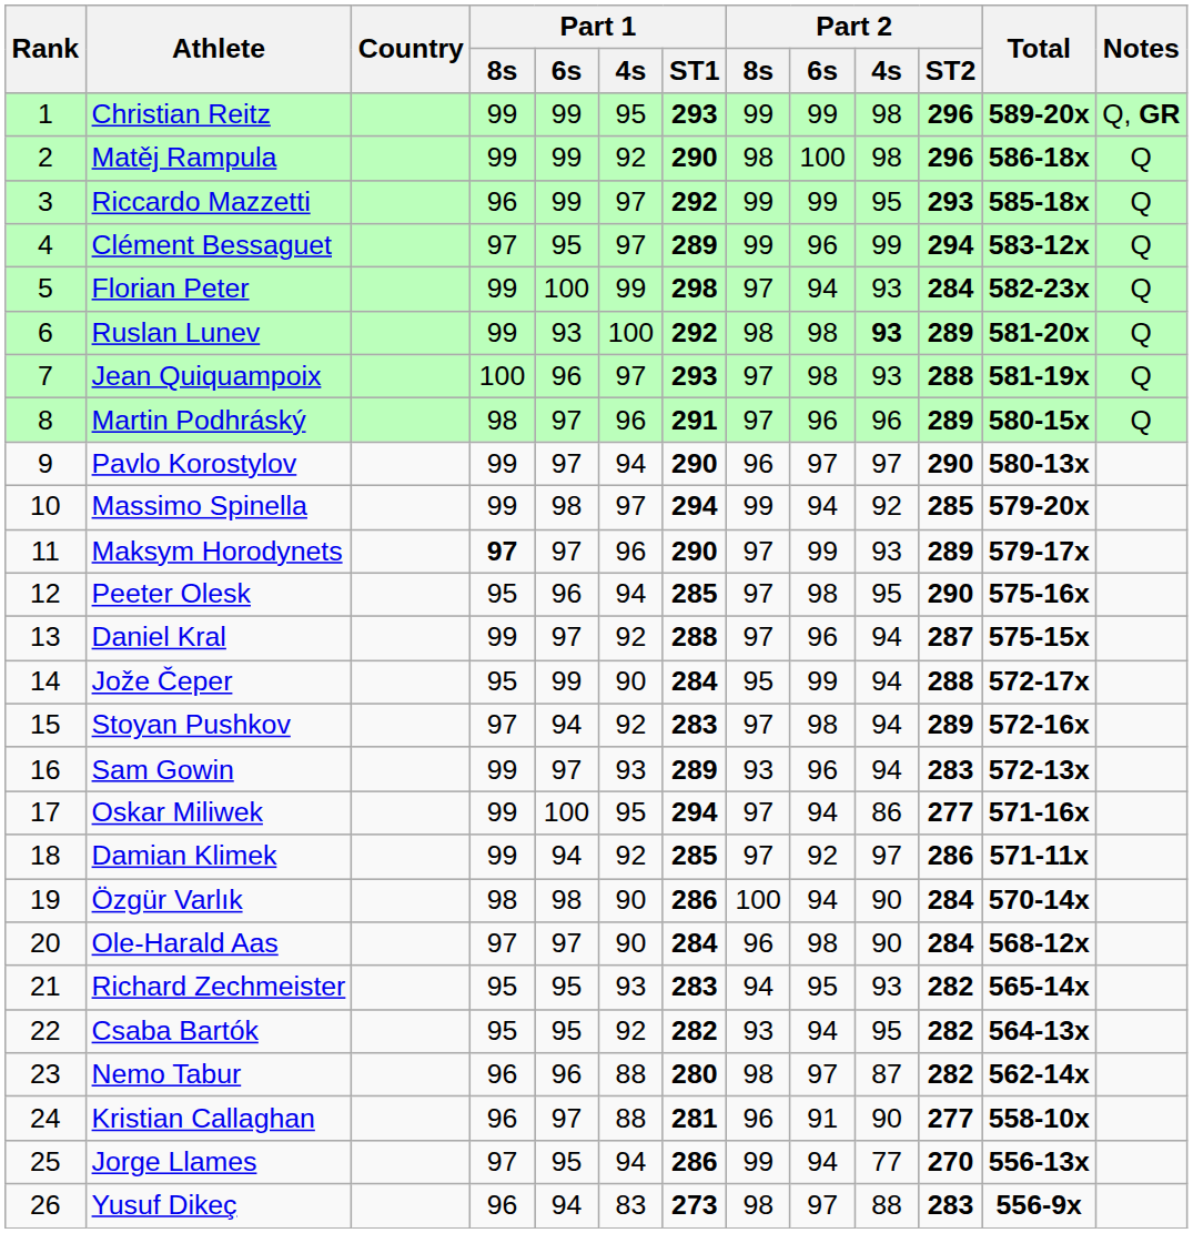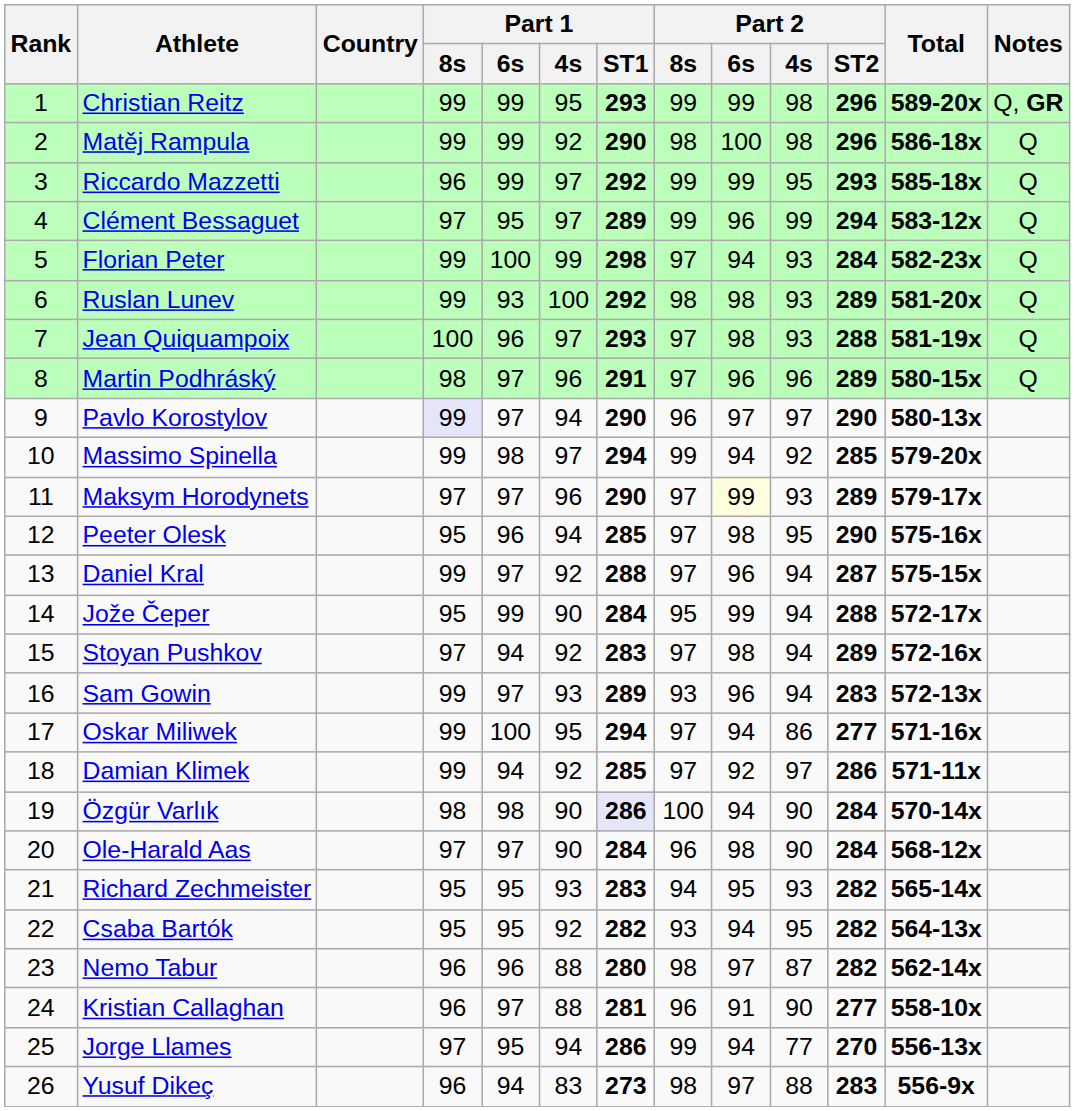 <table class="wikitable sortable" style="text-align:center">
 <tr>
 <th rowspan=2>Rank</th>
 <th rowspan=2>Athlete</th>
 <th rowspan=2>Country</th>
 <th colspan=4>Part 1</th>
 <th colspan=4>Part 2</th>
 <th rowspan=2>Total</th>
 <th rowspan=2 class="unsortable">Notes</th>
 </tr>
 <tr>
 <th class="unsortable" width=30px>8s</th>
 <th class="unsortable" width=30px>6s</th>
 <th class="unsortable" width=30px>4s</th>
 <th>ST1</th>
 <th class="unsortable" width=30px>8s</th>
 <th class="unsortable" width=30px>6s</th>
 <th class="unsortable" width=30px>4s</th>
 <th>ST2</th>
 </tr>
 <tr bgcolor=bbffbb>
 <td>1</td>
 <td align=left><a href='#'>Christian Reitz</a></td>
 <td align=left></td>
 <td>99</td>
 <td>99</td>
 <td>95</td>
 <td><strong>293</strong></td>
 <td>99</td>
 <td>99</td>
 <td>98</td>
 <td><strong>296</strong></td>
 <td><strong>589-20x</strong></td>
 <td>Q, <strong>GR</strong></td>
 </tr>
 <tr bgcolor=bbffbb>
 <td>2</td>
 <td align=left><a href='#'>Matěj Rampula</a></td>
 <td align=left></td>
 <td>99</td>
 <td>99</td>
 <td>92</td>
 <td><strong>290</strong></td>
 <td>98</td>
 <td>100</td>
 <td>98</td>
 <td><strong>296</strong></td>
 <td><strong>586-18x</strong></td>
 <td>Q</td>
 </tr>
 <tr bgcolor=bbffbb>
 <td>3</td>
 <td align=left><a href='#'>Riccardo Mazzetti</a></td>
 <td align=left></td>
 <td>96</td>
 <td>99</td>
 <td>97</td>
 <td><strong>292</strong></td>
 <td>99</td>
 <td>99</td>
 <td>95</td>
 <td><strong>293</strong></td>
 <td><strong>585-18x</strong></td>
 <td>Q</td>
 </tr>
 <tr bgcolor=bbffbb>
 <td>4</td>
 <td align=left><a href='#'>Clément Bessaguet</a></td>
 <td align=left></td>
 <td>97</td>
 <td>95</td>
 <td>97</td>
 <td><strong>289</strong></td>
 <td>99</td>
 <td>96</td>
 <td>99</td>
 <td><strong>294</strong></td>
 <td><strong>583-12x</strong></td>
 <td>Q</td>
 </tr>
 <tr bgcolor=bbffbb>
 <td>5</td>
 <td align=left><a href='#'>Florian Peter</a></td>
 <td align=left></td>
 <td>99</td>
 <td>100</td>
 <td>99</td>
 <td><strong>298</strong></td>
 <td>97</td>
 <td>94</td>
 <td>93</td>
 <td><strong>284</strong></td>
 <td><strong>582-23x</strong></td>
 <td>Q</td>
 </tr>
 <tr bgcolor=bbffbb>
 <td>6</td>
 <td align=left><a href='#'>Ruslan Lunev</a></td>
 <td align=left></td>
 <td>99</td>
 <td>93</td>
 <td>100</td>
 <td><strong>292</strong></td>
 <td>98</td>
 <td>98</td>
-<td><strong>93</strong></td>
+<td>93</td>
 <td><strong>289</strong></td>
 <td><strong>581-20x</strong></td>
 <td>Q</td>
 </tr>
 <tr bgcolor=bbffbb>
 <td>7</td>
 <td align=left><a href='#'>Jean Quiquampoix</a></td>
 <td align=left></td>
 <td>100</td>
 <td>96</td>
 <td>97</td>
 <td><strong>293</strong></td>
 <td>97</td>
 <td>98</td>
 <td>93</td>
 <td><strong>288</strong></td>
 <td><strong>581-19x</strong></td>
 <td>Q</td>
 </tr>
 <tr bgcolor=bbffbb>
 <td>8</td>
 <td align=left><a href='#'>Martin Podhráský</a></td>
 <td align=left></td>
 <td>98</td>
 <td>97</td>
 <td>96</td>
 <td><strong>291</strong></td>
 <td>97</td>
 <td>96</td>
 <td>96</td>
 <td><strong>289</strong></td>
 <td><strong>580-15x</strong></td>
 <td>Q</td>
 </tr>
 <tr>
 <td>9</td>
 <td align=left><a href='#'>Pavlo Korostylov</a></td>
 <td align=left></td>
-<td>99</td>
+<td style="background: lavender;">99</td>
 <td>97</td>
 <td>94</td>
 <td><strong>290</strong></td>
 <td>96</td>
 <td>97</td>
 <td>97</td>
 <td><strong>290</strong></td>
 <td><strong>580-13x</strong></td>
 <td></td>
 </tr>
 <tr>
 <td>10</td>
 <td align=left><a href='#'>Massimo Spinella</a></td>
 <td align=left></td>
 <td>99</td>
 <td>98</td>
 <td>97</td>
 <td><strong>294</strong></td>
 <td>99</td>
 <td>94</td>
 <td>92</td>
 <td><strong>285</strong></td>
 <td><strong>579-20x</strong></td>
 <td></td>
 </tr>
 <tr>
 <td>11</td>
 <td align=left><a href='#'>Maksym Horodynets</a></td>
 <td align=left></td>
-<td><strong>97</strong></td>
+<td>97</td>
 <td>97</td>
 <td>96</td>
 <td><strong>290</strong></td>
 <td>97</td>
-<td>99</td>
+<td style="background: lightyellow;">99</td>
 <td>93</td>
 <td><strong>289</strong></td>
 <td><strong>579-17x</strong></td>
 <td></td>
 </tr>
 <tr>
 <td>12</td>
 <td align=left><a href='#'>Peeter Olesk</a></td>
 <td align=left></td>
 <td>95</td>
 <td>96</td>
 <td>94</td>
 <td><strong>285</strong></td>
 <td>97</td>
 <td>98</td>
 <td>95</td>
 <td><strong>290</strong></td>
 <td><strong>575-16x</strong></td>
 <td></td>
 </tr>
 <tr>
 <td>13</td>
 <td align=left><a href='#'>Daniel Kral</a></td>
 <td align=left></td>
 <td>99</td>
 <td>97</td>
 <td>92</td>
 <td><strong>288</strong></td>
 <td>97</td>
 <td>96</td>
 <td>94</td>
 <td><strong>287</strong></td>
 <td><strong>575-15x</strong></td>
 <td></td>
 </tr>
 <tr>
 <td>14</td>
 <td align=left><a href='#'>Jože Čeper</a></td>
 <td align=left></td>
 <td>95</td>
 <td>99</td>
 <td>90</td>
 <td><strong>284</strong></td>
 <td>95</td>
 <td>99</td>
 <td>94</td>
 <td><strong>288</strong></td>
 <td><strong>572-17x</strong></td>
 <td></td>
 </tr>
 <tr>
 <td>15</td>
 <td align=left><a href='#'>Stoyan Pushkov</a></td>
 <td align=left></td>
 <td>97</td>
 <td>94</td>
 <td>92</td>
 <td><strong>283</strong></td>
 <td>97</td>
 <td>98</td>
 <td>94</td>
 <td><strong>289</strong></td>
 <td><strong>572-16x</strong></td>
 <td></td>
 </tr>
 <tr>
 <td>16</td>
 <td align=left><a href='#'>Sam Gowin</a></td>
 <td align=left></td>
 <td>99</td>
 <td>97</td>
 <td>93</td>
 <td><strong>289</strong></td>
 <td>93</td>
 <td>96</td>
 <td>94</td>
 <td><strong>283</strong></td>
 <td><strong>572-13x</strong></td>
 <td></td>
 </tr>
 <tr>
 <td>17</td>
 <td align=left><a href='#'>Oskar Miliwek</a></td>
 <td align=left></td>
 <td>99</td>
 <td>100</td>
 <td>95</td>
 <td><strong>294</strong></td>
 <td>97</td>
 <td>94</td>
 <td>86</td>
 <td><strong>277</strong></td>
 <td><strong>571-16x</strong></td>
 <td></td>
 </tr>
 <tr>
 <td>18</td>
 <td align=left><a href='#'>Damian Klimek</a></td>
 <td align=left></td>
 <td>99</td>
 <td>94</td>
 <td>92</td>
 <td><strong>285</strong></td>
 <td>97</td>
 <td>92</td>
 <td>97</td>
 <td><strong>286</strong></td>
 <td><strong>571-11x</strong></td>
 <td></td>
 </tr>
 <tr>
 <td>19</td>
 <td align=left><a href='#'>Özgür Varlık</a></td>
 <td align=left></td>
 <td>98</td>
 <td>98</td>
 <td>90</td>
-<td><strong>286</strong></td>
+<td style="background: lavender;"><strong>286</strong></td>
 <td>100</td>
 <td>94</td>
 <td>90</td>
 <td><strong>284</strong></td>
 <td><strong>570-14x</strong></td>
 <td></td>
 </tr>
 <tr>
 <td>20</td>
 <td align=left><a href='#'>Ole-Harald Aas</a></td>
 <td align=left></td>
 <td>97</td>
 <td>97</td>
 <td>90</td>
 <td><strong>284</strong></td>
 <td>96</td>
 <td>98</td>
 <td>90</td>
 <td><strong>284</strong></td>
 <td><strong>568-12x</strong></td>
 <td></td>
 </tr>
 <tr>
 <td>21</td>
 <td align=left><a href='#'>Richard Zechmeister</a></td>
 <td align=left></td>
 <td>95</td>
 <td>95</td>
 <td>93</td>
 <td><strong>283</strong></td>
 <td>94</td>
 <td>95</td>
 <td>93</td>
 <td><strong>282</strong></td>
 <td><strong>565-14x</strong></td>
 <td></td>
 </tr>
 <tr>
 <td>22</td>
 <td align=left><a href='#'>Csaba Bartók</a></td>
 <td align=left></td>
 <td>95</td>
 <td>95</td>
 <td>92</td>
 <td><strong>282</strong></td>
 <td>93</td>
 <td>94</td>
 <td>95</td>
 <td><strong>282</strong></td>
 <td><strong>564-13x</strong></td>
 <td></td>
 </tr>
 <tr>
 <td>23</td>
 <td align=left><a href='#'>Nemo Tabur</a></td>
 <td align=left></td>
 <td>96</td>
 <td>96</td>
 <td>88</td>
 <td><strong>280</strong></td>
 <td>98</td>
 <td>97</td>
 <td>87</td>
 <td><strong>282</strong></td>
 <td><strong>562-14x</strong></td>
 <td></td>
 </tr>
 <tr>
 <td>24</td>
 <td align=left><a href='#'>Kristian Callaghan</a></td>
 <td align=left></td>
 <td>96</td>
 <td>97</td>
 <td>88</td>
 <td><strong>281</strong></td>
 <td>96</td>
 <td>91</td>
 <td>90</td>
 <td><strong>277</strong></td>
 <td><strong>558-10x</strong></td>
 <td></td>
 </tr>
 <tr>
 <td>25</td>
 <td align=left><a href='#'>Jorge Llames</a></td>
 <td align=left></td>
 <td>97</td>
 <td>95</td>
 <td>94</td>
 <td><strong>286</strong></td>
 <td>99</td>
 <td>94</td>
 <td>77</td>
 <td><strong>270</strong></td>
 <td><strong>556-13x</strong></td>
 <td></td>
 </tr>
 <tr>
 <td>26</td>
 <td align=left><a href='#'>Yusuf Dikeç</a></td>
 <td align=left></td>
 <td>96</td>
 <td>94</td>
 <td>83</td>
 <td><strong>273</strong></td>
 <td>98</td>
 <td>97</td>
 <td>88</td>
 <td><strong>283</strong></td>
 <td><strong>556-9x</strong></td>
 <td></td>
 </tr>
 </table>
